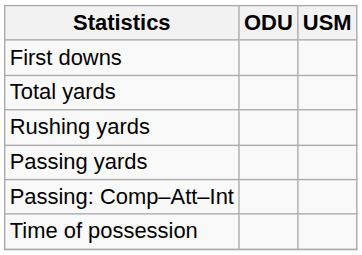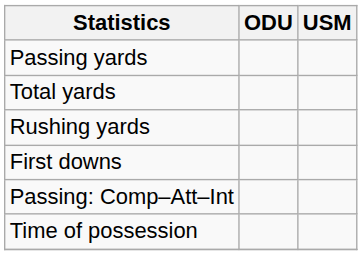 <table class="wikitable" style="float: left;">
 <tr>
 <th>Statistics</th>
 <th>ODU</th>
 <th>USM</th>
 </tr>
 <tr>
-<td>First downs</td>
+<td>Passing yards</td>
 <td></td>
 <td></td>
 </tr>
 <tr>
 <td>Total yards</td>
 <td></td>
 <td></td>
 </tr>
 <tr>
 <td>Rushing yards</td>
 <td></td>
 <td></td>
 </tr>
 <tr>
-<td>Passing yards</td>
+<td>First downs</td>
 <td></td>
 <td></td>
 </tr>
 <tr>
 <td>Passing: Comp–Att–Int</td>
 <td></td>
 <td></td>
 </tr>
 <tr>
 <td>Time of possession</td>
 <td></td>
 <td></td>
 </tr>
 <tr>
 </tr>
 </table>
